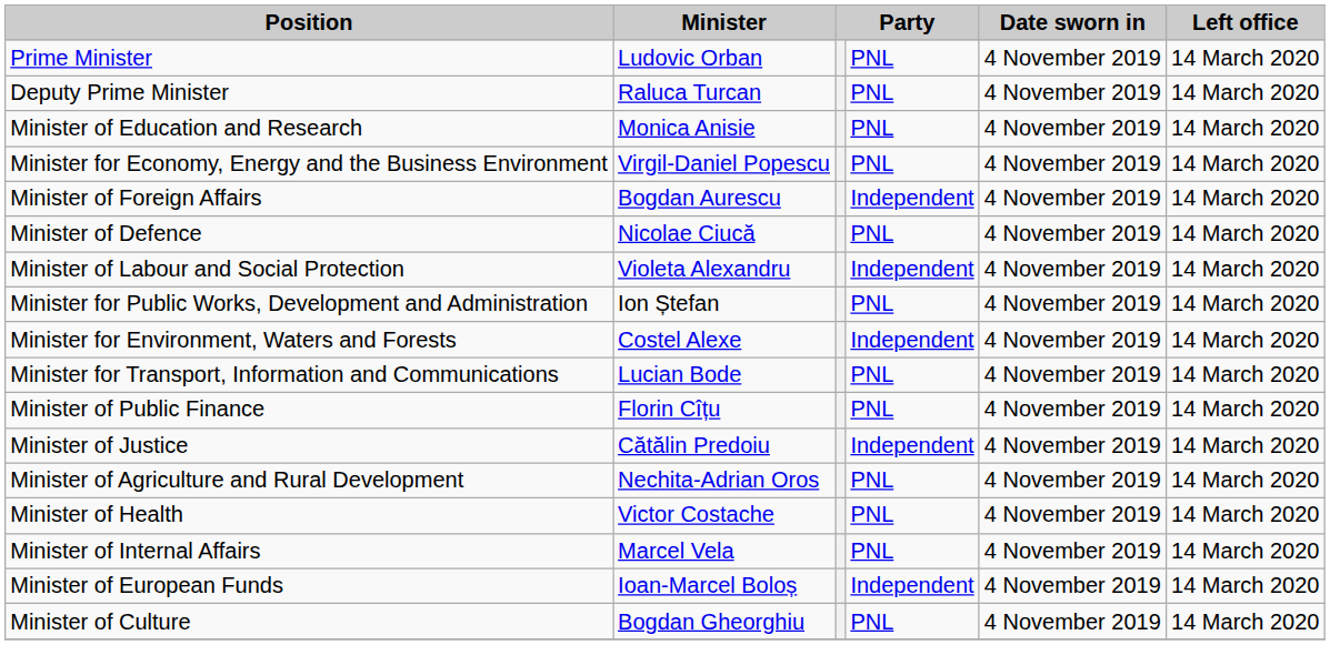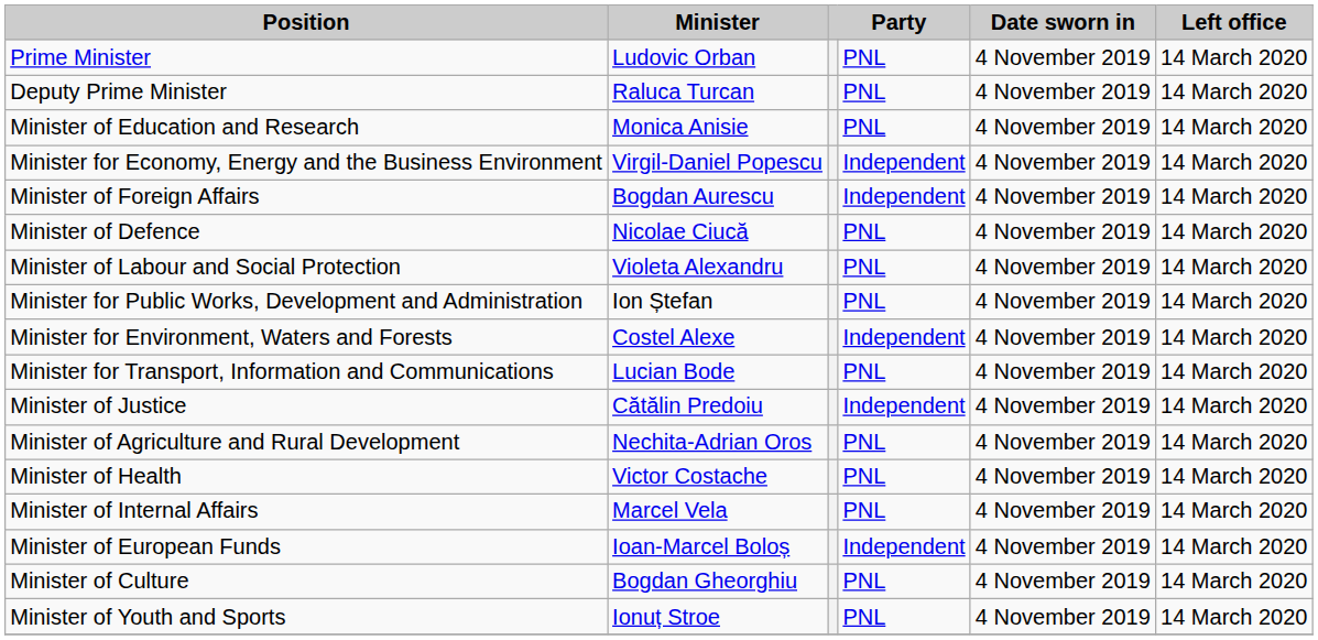 <table class="wikitable">
 <tr>
 <th style="background:#ccc;">Position</th>
 <th style="background:#ccc;">Minister</th>
 <th style="background:#ccc;" colspan="2">Party</th>
 <th style="background:#ccc;">Date sworn in</th>
 <th style="background:#ccc;">Left office</th>
 </tr>
 <tr>
 <td><a href='#'>Prime Minister</a></td>
 <td><a href='#'>Ludovic Orban</a></td>
 <th style="background-color: "></th>
 <td><a href='#'>PNL</a></td>
 <td>4 November 2019</td>
 <td>14 March 2020</td>
 </tr>
 <tr>
 <td>Deputy Prime Minister</td>
 <td><a href='#'>Raluca Turcan</a></td>
 <th style="background-color: "></th>
 <td><a href='#'>PNL</a></td>
 <td>4 November 2019</td>
 <td>14 March 2020</td>
 </tr>
 <tr>
 <td>Minister of Education and Research</td>
 <td><a href='#'>Monica Anisie</a></td>
 <th style="background-color: "></th>
 <td><a href='#'>PNL</a></td>
 <td>4 November 2019</td>
 <td>14 March 2020</td>
 </tr>
 <tr>
 <td>Minister for Economy, Energy and the Business Environment</td>
 <td><a href='#'>Virgil-Daniel Popescu</a></td>
 <th style="background-color: "></th>
-<td><a href='#'>PNL</a></td>
+<td><a href='#'>Independent</a></td>
 <td>4 November 2019</td>
 <td>14 March 2020</td>
 </tr>
 <tr>
 <td>Minister of Foreign Affairs</td>
 <td><a href='#'>Bogdan Aurescu</a></td>
 <th style="background-color: "></th>
 <td><a href='#'>Independent</a></td>
 <td>4 November 2019</td>
 <td>14 March 2020</td>
 </tr>
 <tr>
 <td>Minister of Defence</td>
 <td><a href='#'>Nicolae Ciucă</a></td>
 <th style="background-color: "></th>
 <td><a href='#'>PNL</a></td>
 <td>4 November 2019</td>
 <td>14 March 2020</td>
 </tr>
 <tr>
 <td>Minister of Labour and Social Protection</td>
 <td><a href='#'>Violeta Alexandru</a></td>
 <th style="background-color: "></th>
-<td><a href='#'>Independent</a></td>
+<td><a href='#'>PNL</a></td>
 <td>4 November 2019</td>
 <td>14 March 2020</td>
 </tr>
 <tr>
 <td>Minister for Public Works, Development and Administration</td>
 <td>Ion Ștefan</td>
 <th style="background-color: "></th>
 <td><a href='#'>PNL</a></td>
 <td>4 November 2019</td>
 <td>14 March 2020</td>
 </tr>
 <tr>
 <td>Minister for Environment, Waters and Forests</td>
 <td><a href='#'>Costel Alexe</a></td>
 <th style="background-color: "></th>
 <td><a href='#'>Independent</a></td>
 <td>4 November 2019</td>
 <td>14 March 2020</td>
 </tr>
 <tr>
 <td>Minister for Transport, Information and Communications</td>
 <td><a href='#'>Lucian Bode</a></td>
-<th style="background-color: "></th>
-<td><a href='#'>PNL</a></td>
-<td>4 November 2019</td>
-<td>14 March 2020</td>
-</tr>
-<tr>
-<td>Minister of Public Finance</td>
-<td><a href='#'>Florin Cîțu</a></td>
 <th style="background-color: "></th>
 <td><a href='#'>PNL</a></td>
 <td>4 November 2019</td>
 <td>14 March 2020</td>
 </tr>
 <tr>
 <td>Minister of Justice</td>
 <td><a href='#'>Cătălin Predoiu</a></td>
 <th style="background-color: "></th>
 <td><a href='#'>Independent</a></td>
 <td>4 November 2019</td>
 <td>14 March 2020</td>
 </tr>
 <tr>
 <td>Minister of Agriculture and Rural Development</td>
 <td><a href='#'>Nechita-Adrian Oros</a></td>
 <th style="background-color: "></th>
 <td><a href='#'>PNL</a></td>
 <td>4 November 2019</td>
 <td>14 March 2020</td>
 </tr>
 <tr>
 <td>Minister of Health</td>
 <td><a href='#'>Victor Costache</a></td>
 <th style="background-color: "></th>
 <td><a href='#'>PNL</a></td>
 <td>4 November 2019</td>
 <td>14 March 2020</td>
 </tr>
 <tr>
 <td>Minister of Internal Affairs</td>
 <td><a href='#'>Marcel Vela</a></td>
 <th style="background-color: "></th>
 <td><a href='#'>PNL</a></td>
 <td>4 November 2019</td>
 <td>14 March 2020</td>
 </tr>
 <tr>
 <td>Minister of European Funds</td>
 <td><a href='#'>Ioan-Marcel Boloș</a></td>
 <th style="background-color: "></th>
 <td><a href='#'>Independent</a></td>
 <td>4 November 2019</td>
 <td>14 March 2020</td>
 </tr>
 <tr>
 <td>Minister of Culture</td>
 <td><a href='#'>Bogdan Gheorghiu</a></td>
 <th style="background-color: "></th>
 <td><a href='#'>PNL</a></td>
 <td>4 November 2019</td>
 <td>14 March 2020</td>
 </tr>
 <tr>
+<td>Minister of Youth and Sports</td>
+<td><a href='#'>Ionuț Stroe</a></td>
+<th style="background-color: "></th>
+<td><a href='#'>PNL</a></td>
+<td>4 November 2019</td>
+<td>14 March 2020</td>
+</tr>
+<tr>
 </tr>
 </table>
